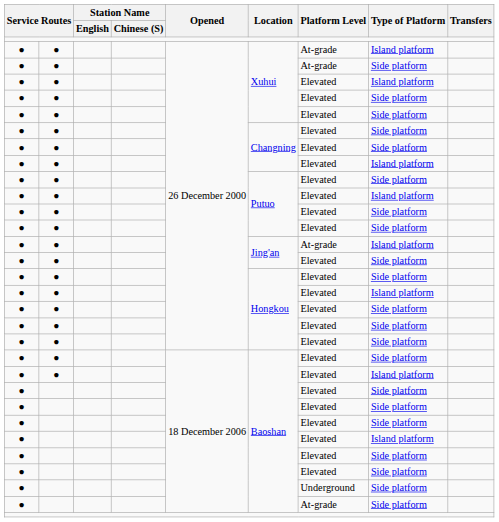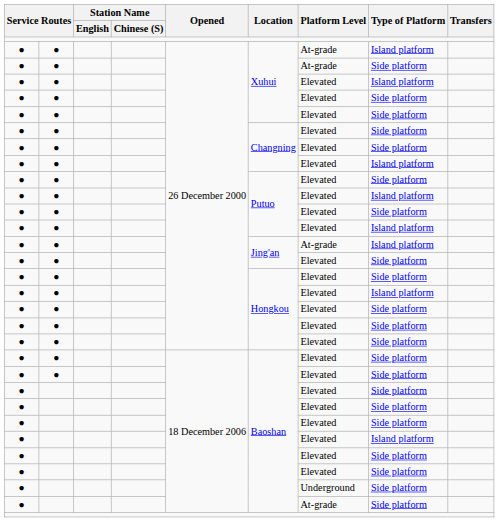 <table class=wikitable>
 <tr>
 <th colspan=2 rowspan=2 style="text-align:center;">Service Routes</th>
 <th colspan=2 style="text-align:center;">Station Name</th>
 <th rowspan=2>Opened</th>
 <th rowspan=2 style="text-align:center;">Location</th>
 <th rowspan=2>Platform Level</th>
 <th rowspan=2>Type of Platform</th>
 <th rowspan=2 style="text-align:center;">Transfers</th>
 </tr>
 <tr>
 <th>English</th>
 <th>Chinese (S)</th>
 </tr>
 <tr style=background:#>
 <td colspan=9></td>
 </tr>
 <tr>
 <td align=center>●</td>
 <td align=center>●</td>
 <td></td>
 <td><span></span></td>
 <td rowspan=19>26 December 2000</td>
 <td rowspan=5><a href='#'>Xuhui</a></td>
 <td>At-grade</td>
 <td><a href='#'>Island platform</a></td>
 <td> <br></td>
 </tr>
 <tr>
 <td align=center>●</td>
 <td align=center>●</td>
 <td></td>
 <td><span></span></td>
 <td>At-grade</td>
 <td><a href='#'>Side platform</a></td>
 <td></td>
 </tr>
 <tr>
 <td align=center>●</td>
 <td align=center>●</td>
 <td></td>
 <td><span></span></td>
 <td>Elevated</td>
 <td><a href='#'>Island platform</a></td>
 <td></td>
 </tr>
 <tr>
 <td align=center>●</td>
 <td align=center>●</td>
 <td></td>
 <td><span></span></td>
 <td>Elevated</td>
 <td><a href='#'>Side platform</a></td>
 <td></td>
 </tr>
 <tr>
 <td align=center>●</td>
 <td align=center>●</td>
 <td></td>
 <td><span></span></td>
 <td>Elevated</td>
 <td><a href='#'>Side platform</a></td>
 <td></td>
 </tr>
 <tr>
 <td align=center>●</td>
 <td align=center>●</td>
 <td></td>
 <td><span></span></td>
 <td rowspan=3><a href='#'>Changning</a></td>
 <td>Elevated</td>
 <td><a href='#'>Side platform</a></td>
 <td></td>
 </tr>
 <tr>
 <td align=center>●</td>
 <td align=center>●</td>
 <td></td>
 <td><span></span></td>
 <td>Elevated</td>
 <td><a href='#'>Side platform</a></td>
 <td></td>
 </tr>
 <tr>
 <td align=center>●</td>
 <td align=center>●</td>
 <td></td>
 <td><span></span></td>
 <td>Elevated</td>
 <td><a href='#'>Island platform</a></td>
 <td></td>
 </tr>
 <tr>
 <td align=center>●</td>
 <td align=center>●</td>
 <td></td>
 <td><span></span></td>
 <td rowspan=4><a href='#'>Putuo</a></td>
 <td>Elevated</td>
 <td><a href='#'>Side platform</a></td>
 <td></td>
 </tr>
 <tr>
 <td align=center>●</td>
 <td align=center>●</td>
 <td></td>
 <td><span></span></td>
 <td>Elevated</td>
 <td><a href='#'>Island platform</a></td>
 <td> </td>
 </tr>
 <tr>
 <td align=center>●</td>
 <td align=center>●</td>
 <td></td>
 <td><span></span></td>
 <td>Elevated</td>
 <td><a href='#'>Side platform</a></td>
 <td></td>
 </tr>
 <tr>
 <td align=center>●</td>
 <td align=center>●</td>
 <td></td>
 <td><span></span></td>
 <td>Elevated</td>
-<td><a href='#'>Side platform</a></td>
+<td><a href='#'>Island platform</a></td>
 <td></td>
 </tr>
 <tr>
 <td align=center>●</td>
 <td align=center>●</td>
 <td></td>
 <td><span></span></td>
 <td rowspan=2><a href='#'>Jing'an</a></td>
 <td>At-grade</td>
 <td><a href='#'>Island platform</a></td>
 <td><br></td>
 </tr>
 <tr>
 <td align=center>●</td>
 <td align=center>●</td>
 <td></td>
 <td><span></span></td>
 <td>Elevated</td>
 <td><a href='#'>Side platform</a></td>
 <td></td>
 </tr>
 <tr>
 <td align=center>●</td>
 <td align=center>●</td>
 <td></td>
 <td><span></span></td>
 <td rowspan=5><a href='#'>Hongkou</a></td>
 <td>Elevated</td>
 <td><a href='#'>Side platform</a></td>
 <td></td>
 </tr>
 <tr>
 <td align=center>●</td>
 <td align=center>●</td>
 <td></td>
 <td><span></span></td>
 <td>Elevated</td>
 <td><a href='#'>Island platform</a></td>
 <td></td>
 </tr>
 <tr>
 <td align=center>●</td>
 <td align=center>●</td>
 <td></td>
 <td><span></span></td>
 <td>Elevated</td>
 <td><a href='#'>Side platform</a></td>
 <td></td>
 </tr>
 <tr>
 <td align=center>●</td>
 <td align=center>●</td>
 <td></td>
 <td><span></span></td>
 <td>Elevated</td>
 <td><a href='#'>Side platform</a></td>
 <td></td>
 </tr>
 <tr>
 <td align=center>●</td>
 <td align=center>●</td>
 <td></td>
 <td><span></span></td>
 <td>Elevated</td>
 <td><a href='#'>Side platform</a></td>
 <td></td>
 </tr>
 <tr>
 <td align=center>●</td>
 <td align=center>●</td>
 <td></td>
 <td><span></span></td>
 <td rowspan=10>18 December 2006</td>
 <td rowspan=10><a href='#'>Baoshan</a></td>
 <td>Elevated</td>
 <td><a href='#'>Side platform</a></td>
 <td></td>
 </tr>
 <tr>
 <td align=center>●</td>
 <td align=center>●</td>
 <td></td>
 <td><span></span></td>
 <td>Elevated</td>
-<td><a href='#'>Island platform</a></td>
+<td><a href='#'>Side platform</a></td>
 <td></td>
 </tr>
 <tr>
 <td align=center>●</td>
 <td align=center></td>
 <td></td>
 <td><span></span></td>
 <td>Elevated</td>
 <td><a href='#'>Side platform</a></td>
 <td></td>
 </tr>
 <tr>
 <td align=center>●</td>
 <td align=center></td>
 <td></td>
 <td><span></span></td>
 <td>Elevated</td>
 <td><a href='#'>Side platform</a></td>
 <td></td>
 </tr>
 <tr>
 <td align=center>●</td>
 <td align=center></td>
 <td></td>
 <td><span></span></td>
 <td>Elevated</td>
 <td><a href='#'>Side platform</a></td>
 <td></td>
 </tr>
 <tr>
 <td align=center>●</td>
 <td align=center></td>
 <td></td>
 <td><span></span></td>
 <td>Elevated</td>
 <td><a href='#'>Island platform</a></td>
 <td></td>
 </tr>
 <tr>
 <td align=center>●</td>
 <td align=center></td>
 <td></td>
 <td><span></span></td>
 <td>Elevated</td>
 <td><a href='#'>Side platform</a></td>
 <td></td>
 </tr>
 <tr>
 <td align=center>●</td>
 <td align=center></td>
 <td></td>
 <td><span></span></td>
 <td>Elevated</td>
 <td><a href='#'>Side platform</a></td>
 <td></td>
 </tr>
 <tr>
 <td align=center>●</td>
 <td align=center></td>
 <td></td>
 <td><span></span></td>
 <td>Underground</td>
 <td><a href='#'>Side platform</a></td>
 <td></td>
 </tr>
 <tr>
 <td align=center>●</td>
 <td align=center></td>
 <td></td>
 <td><span></span></td>
 <td>At-grade</td>
 <td><a href='#'>Side platform</a></td>
 <td></td>
 </tr>
 <tr style=background:#>
 <td colspan=9></td>
 </tr>
 </table>
